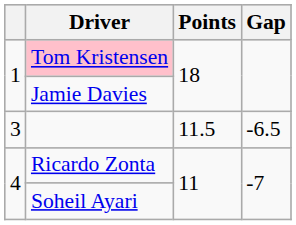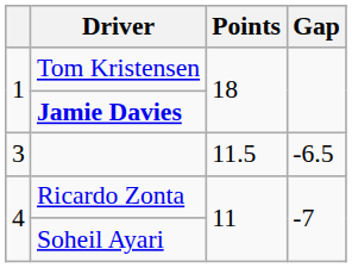 <table class="wikitable" style="font-size: 85%;">
 <tr>
 <th></th>
 <th>Driver</th>
 <th>Points</th>
 <th>Gap</th>
 </tr>
 <tr>
 <td align="center" rowspan=2>1</td>
-<td style="background: pink;"> <a href='#'>Tom Kristensen</a></td>
+<td> <a href='#'>Tom Kristensen</a></td>
 <td rowspan=2>18</td>
 <td rowspan=2></td>
 </tr>
 <tr>
-<td> <a href='#'>Jamie Davies</a></td>
+<td><strong> <a href='#'>Jamie Davies</a></strong></td>
 </tr>
 <tr>
 <td align=center>3</td>
 <td></td>
 <td>11.5</td>
 <td>-6.5</td>
 </tr>
 <tr>
 <td align="center" rowspan=2>4</td>
 <td> <a href='#'>Ricardo Zonta</a></td>
 <td rowspan=2>11</td>
 <td rowspan=2>-7</td>
 </tr>
 <tr>
 <td> <a href='#'>Soheil Ayari</a></td>
 </tr>
 </table>
